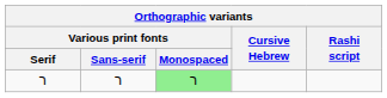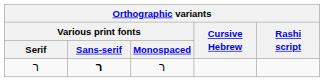 <table class=wikitable style="text-align:center;">
 <tr>
 <th colspan=5><small><a href='#'>Orthographic</a> variants</small></th>
 </tr>
 <tr>
 <th colspan=3><small>Various print fonts</small></th>
 <th rowspan=2><small><a href='#'>Cursive<br>Hebrew</a></small></th>
 <th rowspan=2><small><a href='#'>Rashi<br>script</a></small></th>
 </tr>
 <tr>
 <th><small>Serif</small></th>
 <th><small><a href='#'>Sans-serif</a></small></th>
 <th><small><a href='#'>Monospaced</a></small></th>
 </tr>
 <tr>
 <td width=20%><span>ר</span></td>
+<td width=20%><strong><span>ר</span></strong></td>
 <td width=20%><span>ר</span></td>
-<td width=20% style="background: lightgreen;"><span>ר</span></td>
 <td width=20%></td>
 <td width=20%></td>
 </tr>
 </table>
